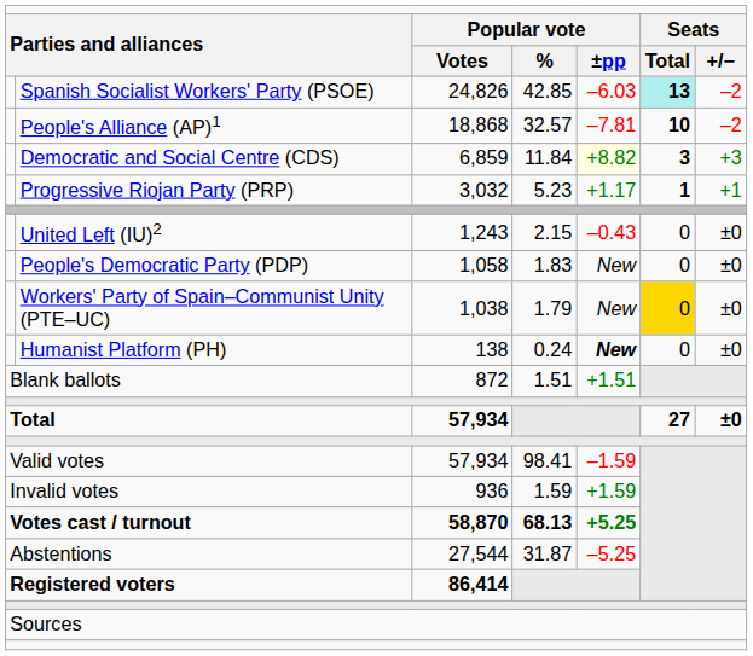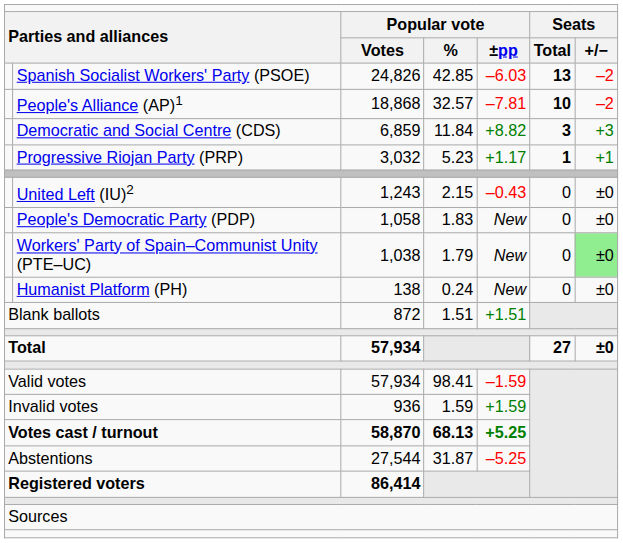 <table class="wikitable" style="text-align:right;">
 <tr>
 <td colspan="7"></td>
 </tr>
 <tr>
 <th style="text-align:left;" rowspan="2" colspan="2" width="525">Parties and alliances</th>
 <th colspan="3">Popular vote</th>
 <th colspan="2">Seats</th>
 </tr>
 <tr>
 <th width="75">Votes</th>
 <th width="45">%</th>
 <th width="45">±<a href='#'>pp</a></th>
 <th width="35">Total</th>
 <th width="35">+/−</th>
 </tr>
 <tr>
 <td width="1" style="color:inherit;background:"></td>
 <td align="left"><a href='#'>Spanish Socialist Workers' Party</a> (PSOE)</td>
 <td>24,826</td>
 <td>42.85</td>
 <td style="color:red;">–6.03</td>
-<td style="background: paleturquoise;"><strong>13</strong></td>
+<td><strong>13</strong></td>
 <td style="color:red;">–2</td>
 </tr>
 <tr>
 <td style="color:inherit;background:"></td>
 <td align="left"><a href='#'>People's Alliance</a> (AP)<sup>1</sup></td>
 <td>18,868</td>
 <td>32.57</td>
 <td style="color:red;">–7.81</td>
 <td><strong>10</strong></td>
 <td style="color:red;">–2</td>
 </tr>
 <tr>
 <td style="color:inherit;background:"></td>
 <td align="left"><a href='#'>Democratic and Social Centre</a> (CDS)</td>
 <td>6,859</td>
 <td>11.84</td>
-<td style="background: lightyellow; color:green;">+8.82</td>
+<td style="color:green;">+8.82</td>
 <td><strong>3</strong></td>
 <td style="color:green;">+3</td>
 </tr>
 <tr>
 <td style="color:inherit;background:"></td>
 <td align="left"><a href='#'>Progressive Riojan Party</a> (PRP)</td>
 <td>3,032</td>
 <td>5.23</td>
 <td style="color:green;">+1.17</td>
 <td><strong>1</strong></td>
 <td style="color:green;">+1</td>
 </tr>
 <tr>
 <td colspan="7" bgcolor="#C0C0C0"></td>
 </tr>
 <tr>
 <td style="color:inherit;background:"></td>
 <td align="left"><a href='#'>United Left</a> (IU)<sup>2</sup></td>
 <td>1,243</td>
 <td>2.15</td>
 <td style="color:red;">–0.43</td>
 <td>0</td>
 <td>±0</td>
 </tr>
 <tr>
 <td style="color:inherit;background:"></td>
 <td align="left"><a href='#'>People's Democratic Party</a> (PDP)</td>
 <td>1,058</td>
 <td>1.83</td>
 <td><em>New</em></td>
 <td>0</td>
 <td>±0</td>
 </tr>
 <tr>
 <td style="color:inherit;background:"></td>
 <td align="left"><a href='#'>Workers' Party of Spain–Communist Unity</a> (PTE–UC)</td>
 <td>1,038</td>
 <td>1.79</td>
 <td><em>New</em></td>
-<td style="background: gold;">0</td>
-<td>±0</td>
+<td>0</td>
+<td style="background: lightgreen;">±0</td>
 </tr>
 <tr>
 <td style="color:inherit;background:"></td>
 <td align="left"><a href='#'>Humanist Platform</a> (PH)</td>
 <td>138</td>
 <td>0.24</td>
-<td><strong><em>New</em></strong></td>
+<td><em>New</em></td>
 <td>0</td>
 <td>±0</td>
 </tr>
 <tr>
 <td align="left" colspan="2">Blank ballots</td>
 <td>872</td>
 <td>1.51</td>
 <td style="color:green;">+1.51</td>
 <td bgcolor="#E9E9E9" colspan="2"></td>
 </tr>
 <tr>
 <td colspan="7" bgcolor="#E9E9E9"></td>
 </tr>
 <tr style="font-weight:bold;">
 <td align="left" colspan="2">Total</td>
 <td>57,934</td>
 <td bgcolor="#E9E9E9" colspan="2"></td>
 <td>27</td>
 <td>±0</td>
 </tr>
 <tr>
 <td colspan="7" bgcolor="#E9E9E9"></td>
 </tr>
 <tr>
 <td align="left" colspan="2">Valid votes</td>
 <td>57,934</td>
 <td>98.41</td>
 <td style="color:red;">–1.59</td>
 <td bgcolor="#E9E9E9" colspan="2" rowspan="5"></td>
 </tr>
 <tr>
 <td align="left" colspan="2">Invalid votes</td>
 <td>936</td>
 <td>1.59</td>
 <td style="color:green;">+1.59</td>
 </tr>
 <tr style="font-weight:bold;">
 <td align="left" colspan="2">Votes cast / turnout</td>
 <td>58,870</td>
 <td>68.13</td>
 <td style="color:green;">+5.25</td>
 </tr>
 <tr>
 <td align="left" colspan="2">Abstentions</td>
 <td>27,544</td>
 <td>31.87</td>
 <td style="color:red;">–5.25</td>
 </tr>
 <tr style="font-weight:bold;">
 <td align="left" colspan="2">Registered voters</td>
 <td>86,414</td>
 <td bgcolor="#E9E9E9" colspan="2"></td>
 </tr>
 <tr>
 <td colspan="7" bgcolor="#E9E9E9"></td>
 </tr>
 <tr>
 <td align="left" colspan="7">Sources</td>
 </tr>
 <tr>
 <td colspan="7" style="text-align:left; max-width:790px;"></td>
 </tr>
 </table>
